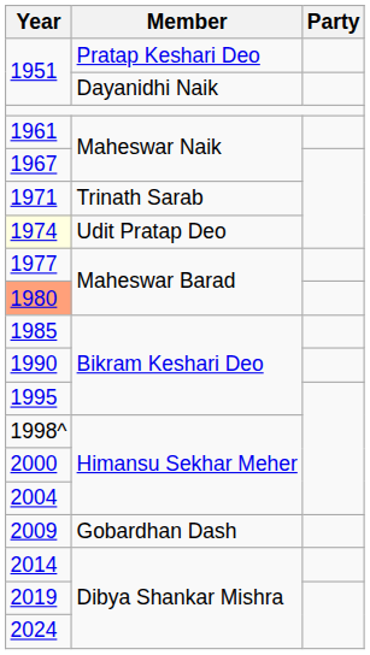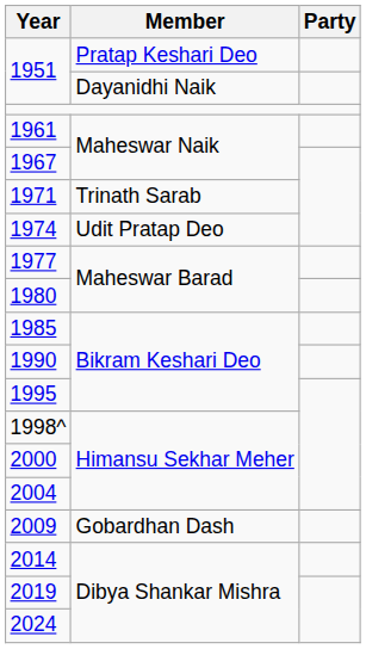 <table class="wikitable">
 <tr>
 <th>Year</th>
 <th>Member</th>
 <th colspan="2">Party</th>
 </tr>
 <tr>
 <td rowspan="2"><a href='#'>1951</a></td>
 <td><a href='#'>Pratap Keshari Deo</a></td>
 <td></td>
 </tr>
 <tr>
 <td>Dayanidhi Naik</td>
 </tr>
 <tr>
 <td colspan="4"></td>
 </tr>
 <tr>
 <td><a href='#'>1961</a></td>
 <td rowspan="2">Maheswar Naik</td>
 <td></td>
 </tr>
 <tr>
 <td><a href='#'>1967</a></td>
 </tr>
 <tr>
 <td><a href='#'>1971</a></td>
 <td>Trinath Sarab</td>
 </tr>
 <tr>
-<td style="background: lightyellow;"><a href='#'>1974</a></td>
+<td><a href='#'>1974</a></td>
 <td>Udit Pratap Deo</td>
 </tr>
 <tr>
 <td><a href='#'>1977</a></td>
 <td rowspan="2">Maheswar Barad</td>
 <td></td>
 </tr>
 <tr>
-<td style="background: lightsalmon;"><a href='#'>1980</a></td>
+<td><a href='#'>1980</a></td>
 <td></td>
 </tr>
 <tr>
 <td><a href='#'>1985</a></td>
 <td rowspan="3"><a href='#'>Bikram Keshari Deo</a></td>
 <td></td>
 </tr>
 <tr>
 <td><a href='#'>1990</a></td>
 <td></td>
 </tr>
 <tr>
 <td><a href='#'>1995</a></td>
 </tr>
 <tr>
 <td>1998^</td>
 <td rowspan="3"><a href='#'>Himansu Sekhar Meher</a></td>
 </tr>
 <tr>
 <td><a href='#'>2000</a></td>
 </tr>
 <tr>
 <td><a href='#'>2004</a></td>
 </tr>
 <tr>
 <td><a href='#'>2009</a></td>
 <td>Gobardhan Dash</td>
 <td></td>
 </tr>
 <tr>
 <td><a href='#'>2014</a></td>
 <td rowspan="3">Dibya Shankar Mishra</td>
 <td></td>
 </tr>
 <tr>
 <td><a href='#'>2019</a></td>
 </tr>
 <tr>
 <td><a href='#'>2024</a></td>
 </tr>
 </table>
